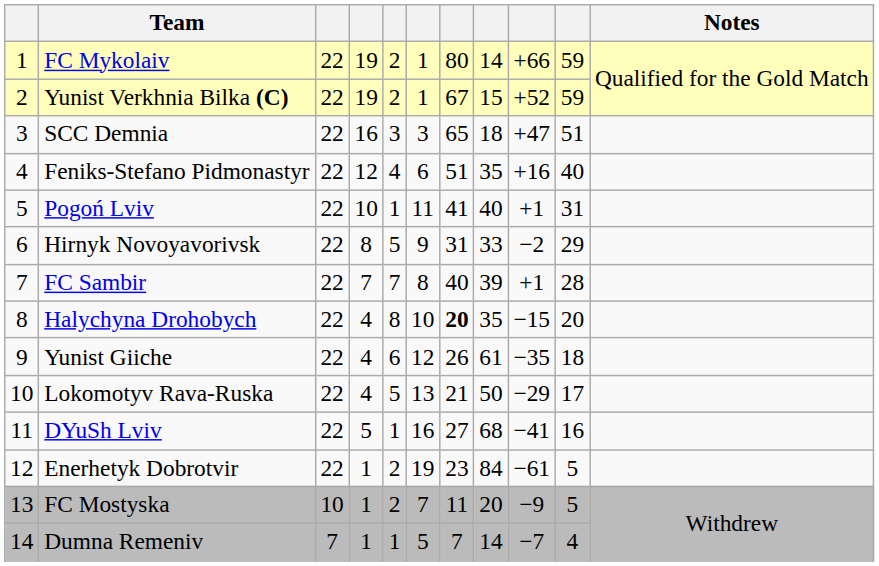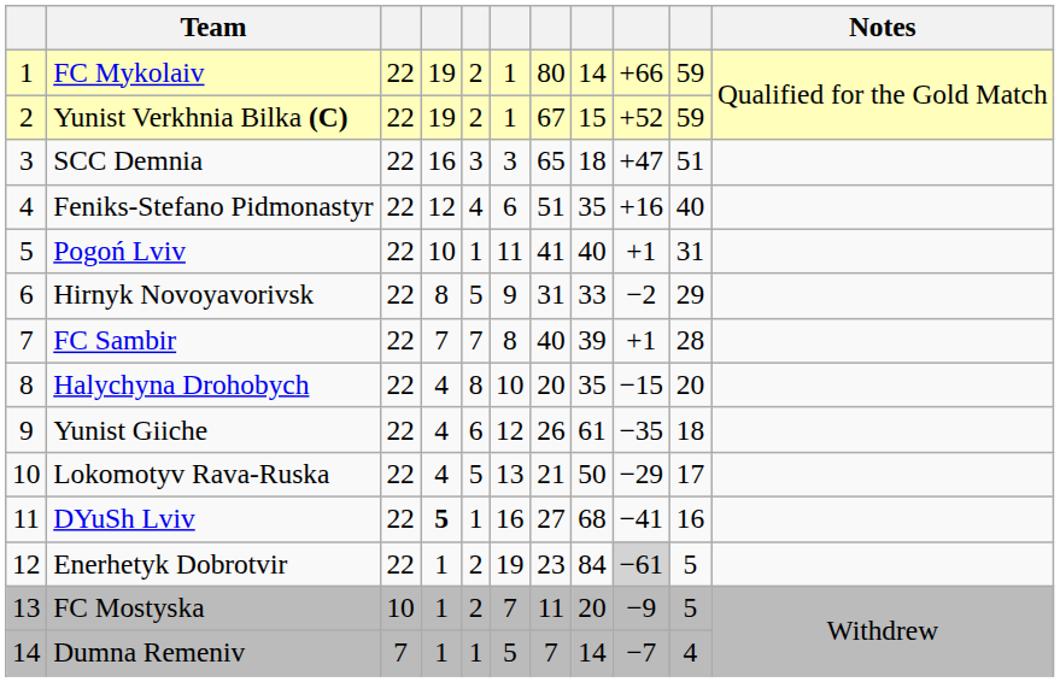 <table class="wikitable" style="text-align: center">
 <tr>
 <th></th>
 <th>Team</th>
 <th></th>
 <th></th>
 <th></th>
 <th></th>
 <th></th>
 <th></th>
 <th></th>
 <th></th>
 <th>Notes</th>
 </tr>
 <tr bgcolor=#FFFFBB>
 <td>1</td>
 <td align=left><a href='#'>FC Mykolaiv</a></td>
 <td>22</td>
 <td>19</td>
 <td>2</td>
 <td>1</td>
 <td>80</td>
 <td>14</td>
 <td>+66</td>
 <td>59</td>
 <td rowspan=2>Qualified for the Gold Match</td>
 </tr>
 <tr bgcolor=#FFFFBB>
 <td>2</td>
 <td align=left>Yunist Verkhnia Bilka <strong>(C)</strong></td>
 <td>22</td>
 <td>19</td>
 <td>2</td>
 <td>1</td>
 <td>67</td>
 <td>15</td>
 <td>+52</td>
 <td>59</td>
 </tr>
 <tr>
 <td>3</td>
 <td align=left>SCC Demnia</td>
 <td>22</td>
 <td>16</td>
 <td>3</td>
 <td>3</td>
 <td>65</td>
 <td>18</td>
 <td>+47</td>
 <td>51</td>
 <td></td>
 </tr>
 <tr>
 <td>4</td>
 <td align=left>Feniks-Stefano Pidmonastyr</td>
 <td>22</td>
 <td>12</td>
 <td>4</td>
 <td>6</td>
 <td>51</td>
 <td>35</td>
 <td>+16</td>
 <td>40</td>
 <td></td>
 </tr>
 <tr>
 <td>5</td>
 <td align=left><a href='#'>Pogoń Lviv</a></td>
 <td>22</td>
 <td>10</td>
 <td>1</td>
 <td>11</td>
 <td>41</td>
 <td>40</td>
 <td>+1</td>
 <td>31</td>
 <td></td>
 </tr>
 <tr>
 <td>6</td>
 <td align=left>Hirnyk Novoyavorivsk</td>
 <td>22</td>
 <td>8</td>
 <td>5</td>
 <td>9</td>
 <td>31</td>
 <td>33</td>
 <td>−2</td>
 <td>29</td>
 <td></td>
 </tr>
 <tr>
 <td>7</td>
 <td align=left><a href='#'>FC Sambir</a></td>
 <td>22</td>
 <td>7</td>
 <td>7</td>
 <td>8</td>
 <td>40</td>
 <td>39</td>
 <td>+1</td>
 <td>28</td>
 <td></td>
 </tr>
 <tr>
 <td>8</td>
 <td align=left><a href='#'>Halychyna Drohobych</a></td>
 <td>22</td>
 <td>4</td>
 <td>8</td>
 <td>10</td>
-<td><strong>20</strong></td>
+<td>20</td>
 <td>35</td>
 <td>−15</td>
 <td>20</td>
 <td></td>
 </tr>
 <tr>
 <td>9</td>
 <td align=left>Yunist Giiche</td>
 <td>22</td>
 <td>4</td>
 <td>6</td>
 <td>12</td>
 <td>26</td>
 <td>61</td>
 <td>−35</td>
 <td>18</td>
 <td></td>
 </tr>
 <tr>
 <td>10</td>
 <td align=left>Lokomotyv Rava-Ruska</td>
 <td>22</td>
 <td>4</td>
 <td>5</td>
 <td>13</td>
 <td>21</td>
 <td>50</td>
 <td>−29</td>
 <td>17</td>
 <td></td>
 </tr>
 <tr>
 <td>11</td>
 <td align=left><a href='#'>DYuSh Lviv</a></td>
 <td>22</td>
-<td>5</td>
+<td><strong>5</strong></td>
 <td>1</td>
 <td>16</td>
 <td>27</td>
 <td>68</td>
 <td>−41</td>
 <td>16</td>
 <td></td>
 </tr>
 <tr>
 <td>12</td>
 <td align=left>Enerhetyk Dobrotvir</td>
 <td>22</td>
 <td>1</td>
 <td>2</td>
 <td>19</td>
 <td>23</td>
 <td>84</td>
-<td>−61</td>
+<td style="background: lightgrey;">−61</td>
 <td>5</td>
 <td></td>
 </tr>
 <tr bgcolor=#BBBBBB>
 <td>13</td>
 <td align=left>FC Mostyska</td>
 <td>10</td>
 <td>1</td>
 <td>2</td>
 <td>7</td>
 <td>11</td>
 <td>20</td>
 <td>−9</td>
 <td>5</td>
 <td rowspan=2>Withdrew</td>
 </tr>
 <tr bgcolor=#BBBBBB>
 <td>14</td>
 <td align=left>Dumna Remeniv</td>
 <td>7</td>
 <td>1</td>
 <td>1</td>
 <td>5</td>
 <td>7</td>
 <td>14</td>
 <td>−7</td>
 <td>4</td>
 </tr>
 </table>
